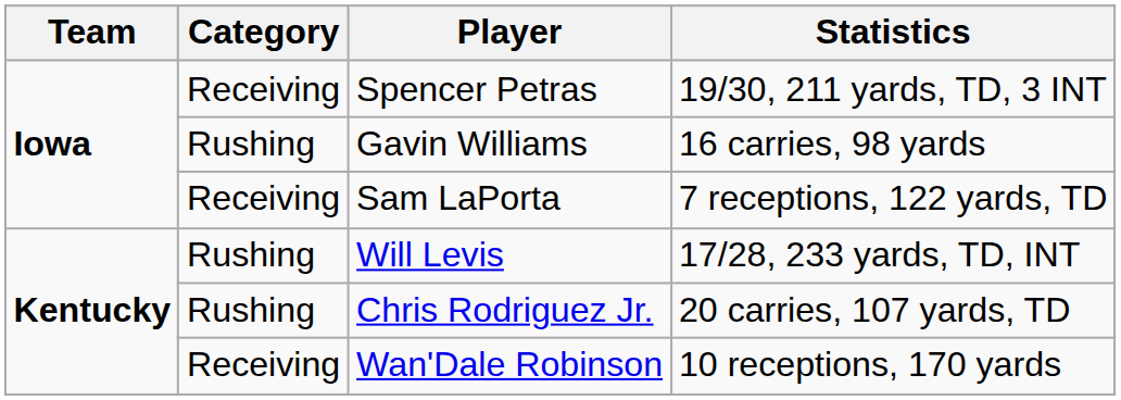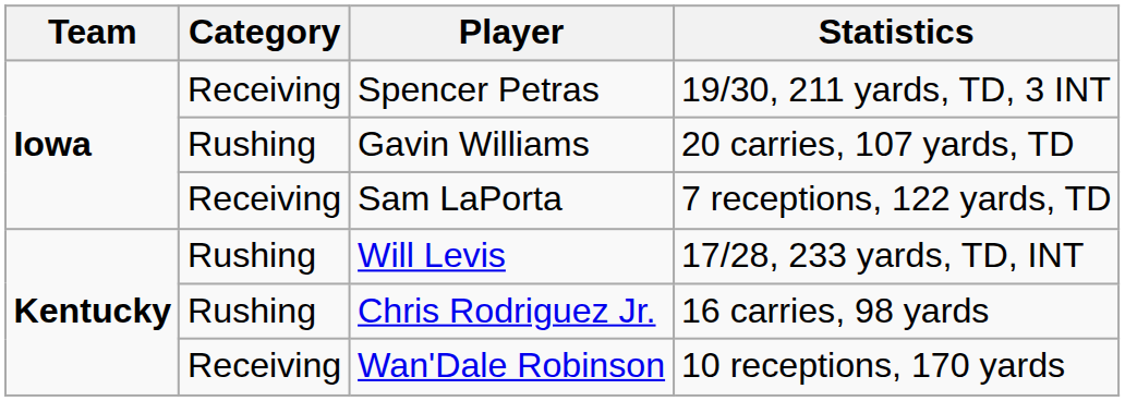 <table class="wikitable" style="float: left;">
 <tr>
 <th>Team</th>
 <th>Category</th>
 <th>Player</th>
 <th>Statistics</th>
 </tr>
 <tr>
 <td rowspan=3><strong>Iowa</strong></td>
 <td>Receiving</td>
 <td>Spencer Petras</td>
 <td>19/30, 211 yards, TD, 3 INT</td>
 </tr>
 <tr>
 <td>Rushing</td>
 <td>Gavin Williams</td>
-<td>16 carries, 98 yards</td>
+<td>20 carries, 107 yards, TD</td>
 </tr>
 <tr>
 <td>Receiving</td>
 <td>Sam LaPorta</td>
 <td>7 receptions, 122 yards, TD</td>
 </tr>
 <tr>
 <td rowspan=3><strong>Kentucky</strong></td>
 <td>Rushing</td>
 <td><a href='#'>Will Levis</a></td>
 <td>17/28, 233 yards, TD, INT</td>
 </tr>
 <tr>
 <td>Rushing</td>
 <td><a href='#'>Chris Rodriguez Jr.</a></td>
-<td>20 carries, 107 yards, TD</td>
+<td>16 carries, 98 yards</td>
 </tr>
 <tr>
 <td>Receiving</td>
 <td><a href='#'>Wan'Dale Robinson</a></td>
 <td>10 receptions, 170 yards</td>
 </tr>
 </table>
